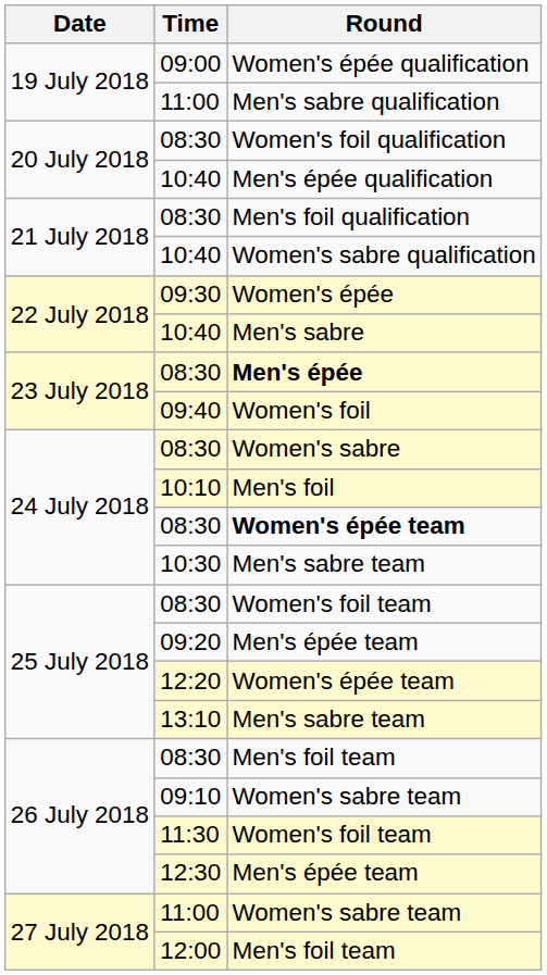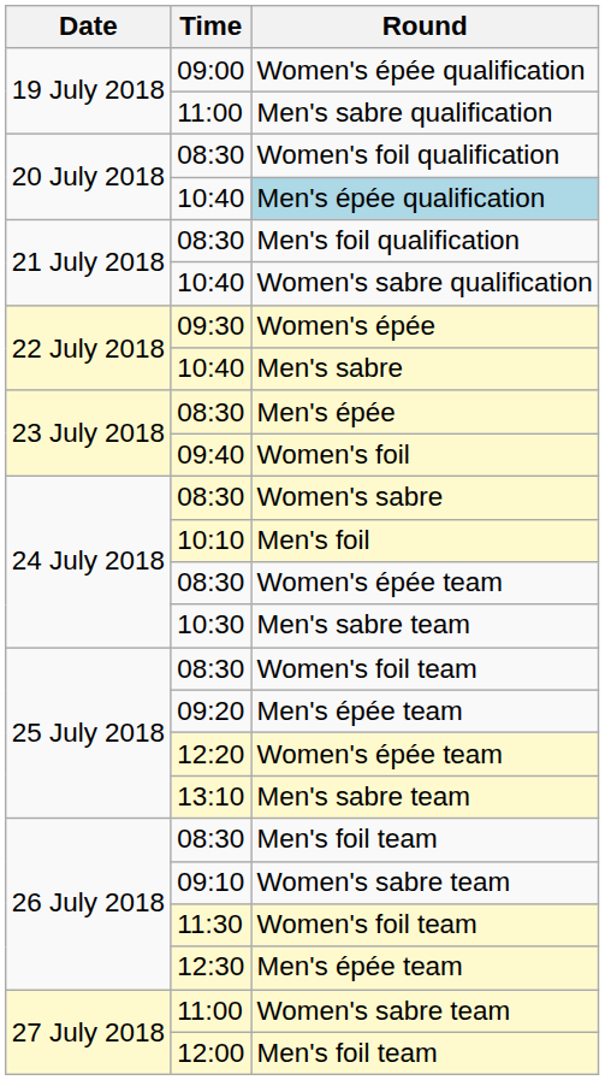 <table class="wikitable">
 <tr>
 <th>Date</th>
 <th>Time</th>
 <th>Round</th>
 </tr>
 <tr>
 <td rowspan=2>19 July 2018</td>
 <td>09:00</td>
 <td>Women's épée qualification</td>
 </tr>
 <tr>
 <td>11:00</td>
 <td>Men's sabre qualification</td>
 </tr>
 <tr>
 <td rowspan=2>20 July 2018</td>
 <td>08:30</td>
 <td>Women's foil qualification</td>
 </tr>
 <tr>
 <td>10:40</td>
-<td>Men's épée qualification</td>
+<td style="background: lightblue;">Men's épée qualification</td>
 </tr>
 <tr>
 <td rowspan=2>21 July 2018</td>
 <td>08:30</td>
 <td>Men's foil qualification</td>
 </tr>
 <tr>
 <td>10:40</td>
 <td>Women's sabre qualification</td>
 </tr>
 <tr bgcolor=lemonchiffon>
 <td rowspan=2>22 July 2018</td>
 <td>09:30</td>
 <td>Women's épée</td>
 </tr>
 <tr bgcolor=lemonchiffon>
 <td>10:40</td>
 <td>Men's sabre</td>
 </tr>
 <tr bgcolor=lemonchiffon>
 <td rowspan=2>23 July 2018</td>
 <td>08:30</td>
-<td><strong>Men's épée</strong></td>
+<td>Men's épée</td>
 </tr>
 <tr bgcolor=lemonchiffon>
 <td>09:40</td>
 <td>Women's foil</td>
 </tr>
 <tr>
 <td rowspan=4>24 July 2018</td>
 <td bgcolor=lemonchiffon>08:30</td>
 <td bgcolor=lemonchiffon>Women's sabre</td>
 </tr>
 <tr>
 <td bgcolor=lemonchiffon>10:10</td>
 <td bgcolor=lemonchiffon>Men's foil</td>
 </tr>
 <tr>
 <td>08:30</td>
-<td><strong>Women's épée team</strong></td>
+<td>Women's épée team</td>
 </tr>
 <tr>
 <td>10:30</td>
 <td>Men's sabre team</td>
 </tr>
 <tr>
 <td rowspan=4>25 July 2018</td>
 <td>08:30</td>
 <td>Women's foil team</td>
 </tr>
 <tr>
 <td>09:20</td>
 <td>Men's épée team</td>
 </tr>
 <tr>
 <td bgcolor=lemonchiffon>12:20</td>
 <td bgcolor=lemonchiffon>Women's épée team</td>
 </tr>
 <tr>
 <td bgcolor=lemonchiffon>13:10</td>
 <td bgcolor=lemonchiffon>Men's sabre team</td>
 </tr>
 <tr>
 <td rowspan=4>26 July 2018</td>
 <td>08:30</td>
 <td>Men's foil team</td>
 </tr>
 <tr>
 <td>09:10</td>
 <td>Women's sabre team</td>
 </tr>
 <tr>
 <td bgcolor=lemonchiffon>11:30</td>
 <td bgcolor=lemonchiffon>Women's foil team</td>
 </tr>
 <tr>
 <td bgcolor=lemonchiffon>12:30</td>
 <td bgcolor=lemonchiffon>Men's épée team</td>
 </tr>
 <tr bgcolor=lemonchiffon>
 <td rowspan=2>27 July 2018</td>
 <td>11:00</td>
 <td>Women's sabre team</td>
 </tr>
 <tr bgcolor=lemonchiffon>
 <td>12:00</td>
 <td>Men's foil team</td>
 </tr>
 </table>
